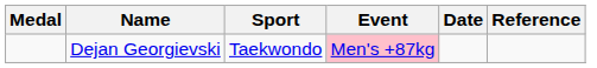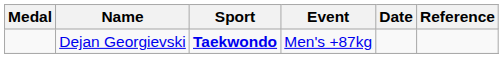 <table class="wikitable sortable" style="font-size: 95%">
 <tr>
 <th>Medal</th>
 <th>Name</th>
 <th>Sport</th>
 <th>Event</th>
 <th>Date</th>
 <th>Reference</th>
 </tr>
 <tr>
 <td></td>
 <td><a href='#'>Dejan Georgievski</a></td>
-<td><a href='#'>Taekwondo</a></td>
-<td style="background: pink;"><a href='#'>Men's +87kg</a></td>
+<td><strong><a href='#'>Taekwondo</a></strong></td>
+<td><a href='#'>Men's +87kg</a></td>
 <td></td>
 <td></td>
 </tr>
 <tr>
 </tr>
 </table>
